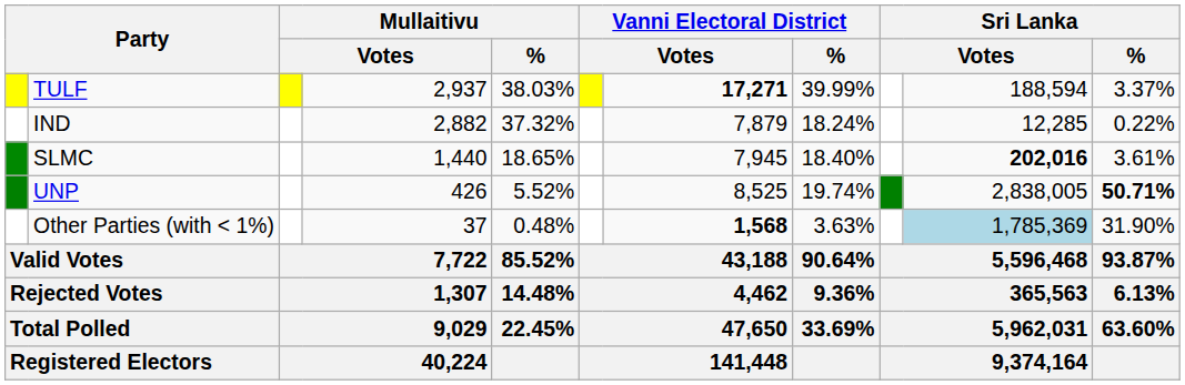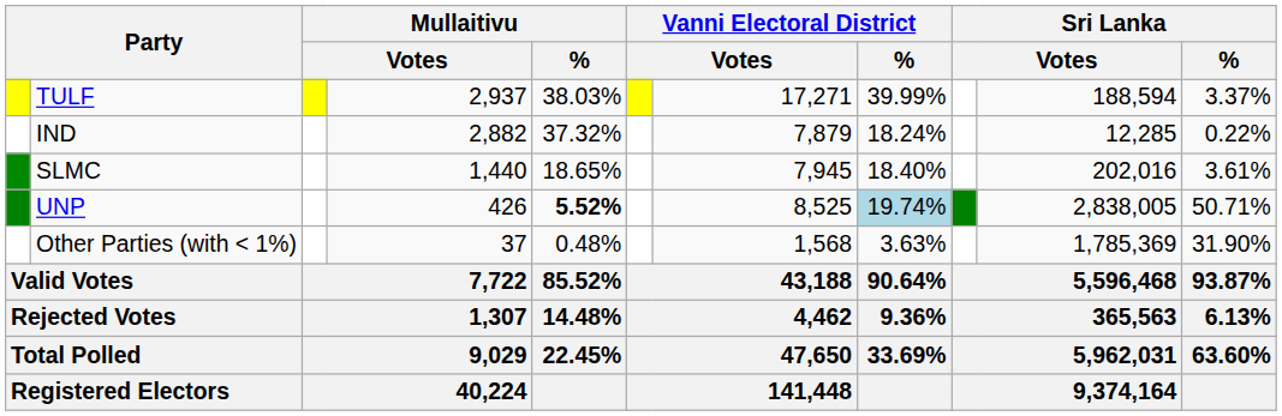 <table class="wikitable">
 <tr>
 <th colspan="2" width="144px"rowspan="2">Party</th>
 <th colspan="3" width="216px">Mullaitivu</th>
 <th colspan="3" width="216px"><a href='#'>Vanni Electoral District</a></th>
 <th colspan="3" width="216px">Sri Lanka</th>
 </tr>
 <tr>
 <th colspan="2" width="144px">Votes</th>
 <th>%</th>
 <th colspan="2" width="144px">Votes</th>
 <th>%</th>
 <th colspan="2" width="144px">Votes</th>
 <th>%</th>
 </tr>
 <tr>
 <td style="background-color:yellow;" width="10px"></td>
 <td style="text-align:left;"><a href='#'>TULF</a></td>
 <td style="background-color:yellow;" width="10px"></td>
 <td style="text-align:right;">2,937</td>
 <td style="text-align:right;">38.03%</td>
 <td style="background-color:yellow;" width="10px"></td>
-<td style="text-align:right;"><strong>17,271</strong></td>
+<td style="text-align:right;">17,271</td>
 <td style="text-align:right;">39.99%</td>
 <td style="background-color:white;" width="10px"></td>
 <td style="text-align:right;">188,594</td>
 <td style="text-align:right;">3.37%</td>
 </tr>
 <tr>
 <td style="background-color:white;" width="10px"></td>
 <td style="text-align:left;">IND</td>
 <td style="background-color:white;" width="10px"></td>
 <td style="text-align:right;">2,882</td>
 <td style="text-align:right;">37.32%</td>
 <td style="background-color:white;" width="10px"></td>
 <td style="text-align:right;">7,879</td>
 <td style="text-align:right;">18.24%</td>
 <td style="background-color:white;" width="10px"></td>
 <td style="text-align:right;">12,285</td>
 <td style="text-align:right;">0.22%</td>
 </tr>
 <tr>
 <td style="background-color:#008800;" width="10px"></td>
 <td style="text-align:left;">SLMC</td>
 <td style="background-color:white;" width="10px"></td>
 <td style="text-align:right;">1,440</td>
 <td style="text-align:right;">18.65%</td>
 <td style="background-color:white;" width="10px"></td>
 <td style="text-align:right;">7,945</td>
 <td style="text-align:right;">18.40%</td>
 <td style="background-color:white;" width="10px"></td>
-<td style="text-align:right;"><strong>202,016</strong></td>
+<td style="text-align:right;">202,016</td>
 <td style="text-align:right;">3.61%</td>
 </tr>
 <tr>
 <td style="background-color:green;" width="10px"></td>
 <td style="text-align:left;"><a href='#'>UNP</a></td>
 <td style="background-color:white;" width="10px"></td>
 <td style="text-align:right;">426</td>
-<td style="text-align:right;">5.52%</td>
+<td style="text-align:right;"><strong>5.52%</strong></td>
 <td style="background-color:white;" width="10px"></td>
 <td style="text-align:right;">8,525</td>
-<td style="text-align:right;">19.74%</td>
+<td style="background: lightblue; text-align:right;">19.74%</td>
 <td style="background-color:green;" width="10px"></td>
 <td style="text-align:right;">2,838,005</td>
-<td style="text-align:right;"><strong>50.71%</strong></td>
+<td style="text-align:right;">50.71%</td>
 </tr>
 <tr>
 <td style="background-color:white;" width="10px"></td>
 <td style="text-align:left;">Other Parties (with < 1%)</td>
 <td style="background-color:white;" width="10px"></td>
 <td style="text-align:right;">37</td>
 <td style="text-align:right;">0.48%</td>
 <td style="background-color:white;" width="10px"></td>
-<td style="text-align:right;"><strong>1,568</strong></td>
+<td style="text-align:right;">1,568</td>
 <td style="text-align:right;">3.63%</td>
 <td style="background-color:white;" width="10px"></td>
-<td style="background: lightblue; text-align:right;">1,785,369</td>
+<td style="text-align:right;">1,785,369</td>
 <td style="text-align:right;">31.90%</td>
 </tr>
 <tr>
 <th colspan="2" width="144px"style="text-align:left;">Valid Votes</th>
 <th style="text-align:right;"colspan="2" width="144px">7,722</th>
 <th style="text-align:right;">85.52%</th>
 <th style="text-align:right;"colspan="2" width="144px">43,188</th>
 <th style="text-align:right;">90.64%</th>
 <th style="text-align:right;"colspan="2" width="144px">5,596,468</th>
 <th style="text-align:right;">93.87%</th>
 </tr>
 <tr>
 <th colspan="2" width="144px"style="text-align:left;">Rejected Votes</th>
 <th style="text-align:right;"colspan="2" width="144px">1,307</th>
 <th style="text-align:right;">14.48%</th>
 <th style="text-align:right;"colspan="2" width="144px">4,462</th>
 <th style="text-align:right;">9.36%</th>
 <th style="text-align:right;"colspan="2" width="144px">365,563</th>
 <th style="text-align:right;">6.13%</th>
 </tr>
 <tr>
 <th colspan="2" width="144px"style="text-align:left;">Total Polled</th>
 <th style="text-align:right;"colspan="2" width="144px">9,029</th>
 <th style="text-align:right;">22.45%</th>
 <th style="text-align:right;"colspan="2" width="144px">47,650</th>
 <th style="text-align:right;">33.69%</th>
 <th style="text-align:right;"colspan="2" width="144px">5,962,031</th>
 <th style="text-align:right;">63.60%</th>
 </tr>
 <tr>
 <th colspan="2" width="144px"style="text-align:left;">Registered Electors</th>
 <th style="text-align:right;"colspan="2" width="144px">40,224</th>
 <th></th>
 <th style="text-align:right;"colspan="2" width="144px">141,448</th>
 <th></th>
 <th style="text-align:right;"colspan="2" width="144px">9,374,164</th>
 <th></th>
 </tr>
 </table>
